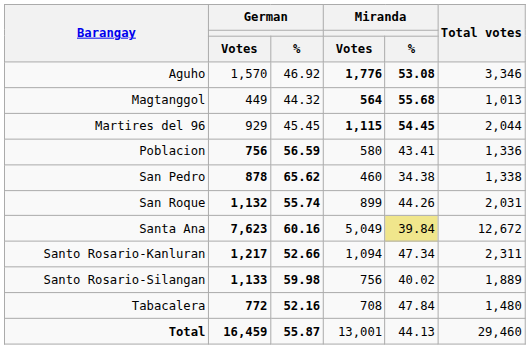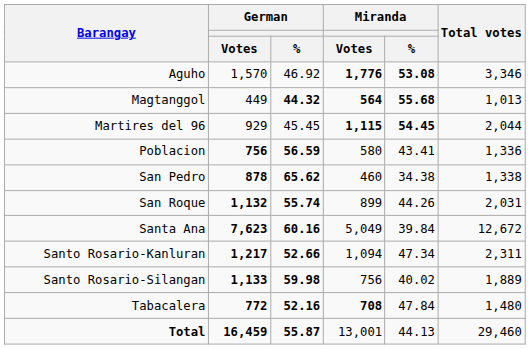 <table class="wikitable collapsible collapsed" style="text-align:right; font-size:95%; line-height:20px;">
 <tr>
 <th rowspan="3" width="200"><a href='#'>Barangay</a></th>
 <th colspan="2" width="110">German</th>
 <th colspan="2" width="110">Miranda</th>
 <th rowspan="3">Total votes</th>
 </tr>
 <tr>
 <th colspan="2" style="background:"></th>
 <th colspan="2" style="background:"></th>
 </tr>
 <tr>
 <th>Votes</th>
 <th>%</th>
 <th>Votes</th>
 <th>%</th>
 </tr>
 <tr>
 <td>Aguho</td>
 <td>1,570</td>
 <td>46.92</td>
 <td style="background:#"><strong>1,776</strong></td>
 <td style="background:#"><strong>53.08</strong></td>
 <td>3,346</td>
 </tr>
 <tr>
 <td>Magtanggol</td>
 <td>449</td>
-<td>44.32</td>
+<td><strong>44.32</strong></td>
 <td style="background:#"><strong>564</strong></td>
 <td style="background:#"><strong>55.68</strong></td>
 <td>1,013</td>
 </tr>
 <tr>
 <td>Martires del 96</td>
 <td>929</td>
 <td>45.45</td>
 <td style="background:#"><strong>1,115</strong></td>
 <td style="background:#"><strong>54.45</strong></td>
 <td>2,044</td>
 </tr>
 <tr>
 <td>Poblacion</td>
 <td style="background:#"><strong>756</strong></td>
 <td style="background:#"><strong>56.59</strong></td>
 <td>580</td>
 <td>43.41</td>
 <td>1,336</td>
 </tr>
 <tr>
 <td>San Pedro</td>
 <td style="background:#"><strong>878</strong></td>
 <td style="background:#"><strong>65.62</strong></td>
 <td>460</td>
 <td>34.38</td>
 <td>1,338</td>
 </tr>
 <tr>
 <td>San Roque</td>
 <td style="background:#"><strong>1,132</strong></td>
 <td style="background:#"><strong>55.74</strong></td>
 <td>899</td>
 <td>44.26</td>
 <td>2,031</td>
 </tr>
 <tr>
 <td>Santa Ana</td>
 <td style="background:#"><strong>7,623</strong></td>
 <td style="background:#"><strong>60.16</strong></td>
 <td>5,049</td>
-<td style="background: khaki;">39.84</td>
+<td>39.84</td>
 <td>12,672</td>
 </tr>
 <tr>
 <td>Santo Rosario-Kanluran</td>
 <td style="background:#"><strong>1,217</strong></td>
 <td style="background:#"><strong>52.66</strong></td>
 <td>1,094</td>
 <td>47.34</td>
 <td>2,311</td>
 </tr>
 <tr>
 <td>Santo Rosario-Silangan</td>
 <td style="background:#"><strong>1,133</strong></td>
 <td style="background:#"><strong>59.98</strong></td>
 <td>756</td>
 <td>40.02</td>
 <td>1,889</td>
 </tr>
 <tr>
 <td>Tabacalera</td>
 <td style="background:#"><strong>772</strong></td>
 <td style="background:#"><strong>52.16</strong></td>
-<td>708</td>
+<td><strong>708</strong></td>
 <td>47.84</td>
 <td>1,480</td>
 </tr>
 <tr>
 <td><strong>Total</strong></td>
 <td style="background:#"><strong>16,459</strong></td>
 <td style="background:#"><strong>55.87</strong></td>
 <td>13,001</td>
 <td>44.13</td>
 <td>29,460</td>
 </tr>
 </table>
